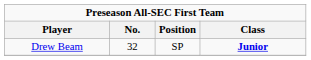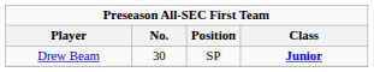 <table class="wikitable" style="text-align:center">
 <tr>
 <td colspan="5"><strong>Preseason All-SEC First Team</strong></td>
 </tr>
 <tr>
 <th style="width:150px; ">Player</th>
 <th style="width:60px; ">No.</th>
 <th style="width:60px; ">Position</th>
 <th style="width:150px; ">Class</th>
 </tr>
 <tr>
 <td><a href='#'>Drew Beam</a></td>
-<td>32</td>
+<td>30</td>
 <td>SP</td>
 <td><strong><a href='#'>Junior</a></strong></td>
 </tr>
 <tr>
 </tr>
 </table>
